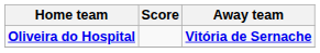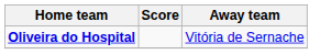 <table class="wikitable" style="text-align: center">
 <tr>
 <th>Home team</th>
 <th>Score</th>
 <th>Away team</th>
 </tr>
 <tr>
 <td><strong><a href='#'>Oliveira do Hospital</a></strong> </td>
 <td></td>
-<td><strong><a href='#'>Vitória de Sernache</a> </strong></td>
+<td><a href='#'>Vitória de Sernache</a> </td>
 </tr>
 <tr>
 </tr>
 </table>
